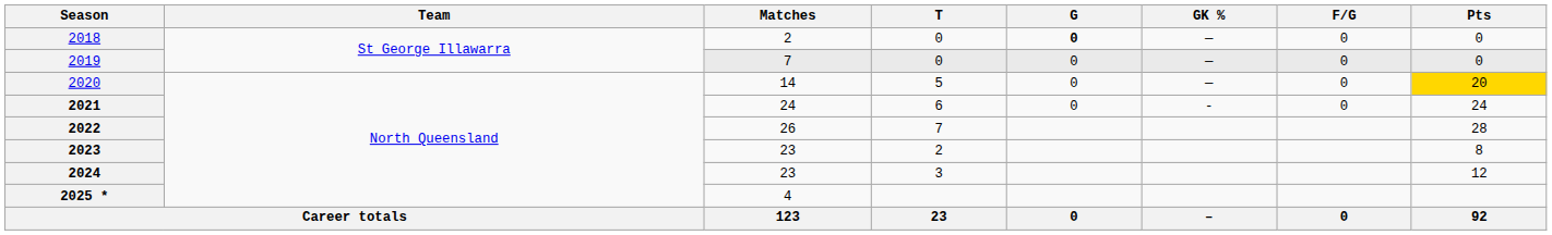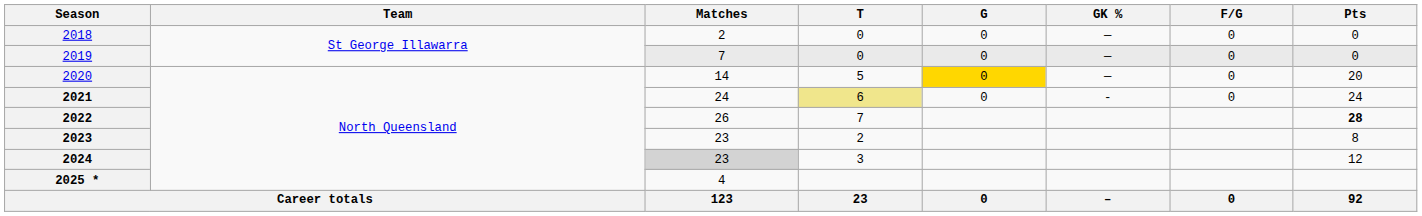 <table class="wikitable sortable"  style="font-size:90%; text-align:center; width:85%;">
 <tr>
 <th width=2%>Season</th>
 <th width=8%>Team</th>
 <th width=2%>Matches</th>
 <th width=2%>T</th>
 <th width=2%>G</th>
 <th width=2%>GK %</th>
 <th width=2%>F/G</th>
 <th width=2%>Pts</th>
 </tr>
 <tr>
 <th scope="row" style="text-align:center; font-weight:normal"><a href='#'>2018</a></th>
 <td rowspan="2" style="text-align:center;"> <a href='#'>St George Illawarra</a></td>
 <td>2</td>
 <td>0</td>
-<td><strong>0</strong></td>
+<td>0</td>
 <td>—</td>
 <td>0</td>
 <td>0</td>
 </tr>
 <tr style="background:#eaeaea;">
 <th scope="row" style="text-align:center; font-weight:normal"><a href='#'>2019</a></th>
 <td>7</td>
 <td>0</td>
 <td>0</td>
 <td>—</td>
 <td>0</td>
 <td>0</td>
 </tr>
 <tr>
 <th scope="row" style="text-align:center; font-weight:normal"><a href='#'>2020</a></th>
 <td rowspan="6" style="text-align:center;"> <a href='#'>North Queensland</a></td>
 <td>14</td>
 <td>5</td>
-<td>0</td>
+<td style="background: gold;">0</td>
 <td>—</td>
 <td>0</td>
-<td style="background: gold;">20</td>
+<td>20</td>
 </tr>
 <tr>
 <th>2021</th>
 <td>24</td>
-<td>6</td>
+<td style="background: khaki;">6</td>
 <td>0</td>
 <td>-</td>
 <td>0</td>
 <td>24</td>
 </tr>
 <tr>
 <th>2022</th>
 <td>26</td>
 <td>7</td>
 <td></td>
 <td></td>
 <td></td>
-<td>28</td>
+<td><strong>28</strong></td>
 </tr>
 <tr>
 <th>2023</th>
 <td>23</td>
 <td>2</td>
 <td></td>
 <td></td>
 <td></td>
 <td>8</td>
 </tr>
 <tr>
 <th>2024</th>
-<td>23</td>
+<td style="background: lightgrey;">23</td>
 <td>3</td>
 <td></td>
 <td></td>
 <td></td>
 <td>12</td>
 </tr>
 <tr>
 <th>2025 *</th>
 <td>4</td>
 <td></td>
 <td></td>
 <td></td>
 <td></td>
 <td></td>
 </tr>
 <tr class="sortbottom">
 <th colspan="2">Career totals</th>
 <th>123</th>
 <th>23</th>
 <th>0</th>
 <th>–</th>
 <th>0</th>
 <th>92</th>
 </tr>
 </table>
